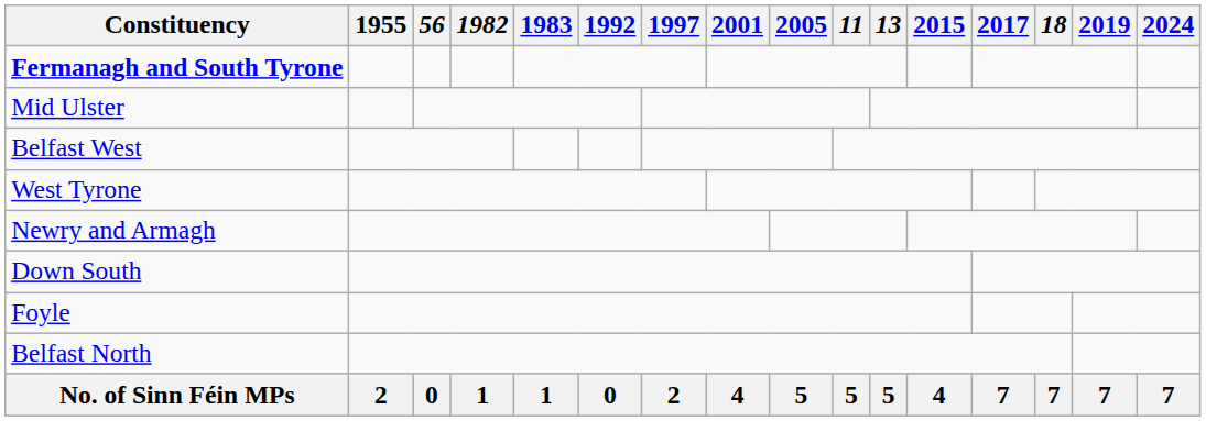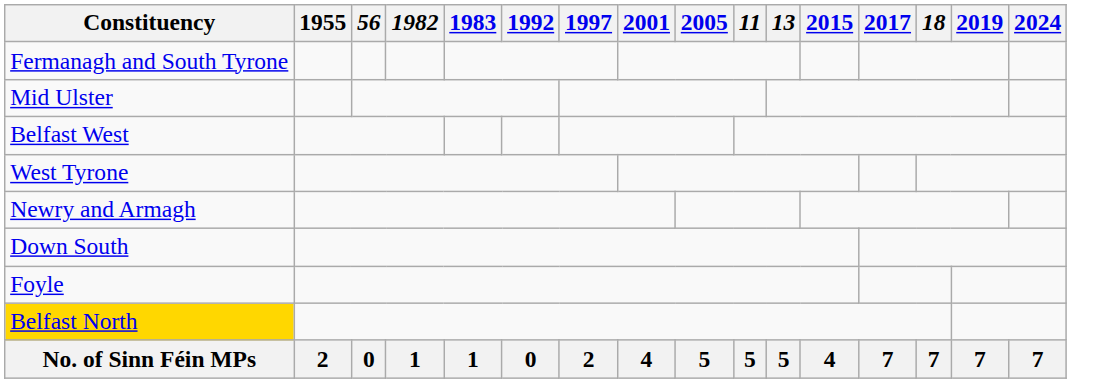 <table class="wikitable">
 <tr>
 <th>Constituency</th>
 <th>1955</th>
 <th><em>56</em></th>
 <th><em>1982</em></th>
 <th><a href='#'>1983</a></th>
 <th><a href='#'>1992</a></th>
 <th><a href='#'>1997</a></th>
 <th><a href='#'>2001</a></th>
 <th><a href='#'>2005</a></th>
 <th><em>11</em></th>
 <th><em>13</em></th>
 <th><a href='#'>2015</a></th>
 <th><a href='#'>2017</a></th>
 <th><em>18</em></th>
 <th><a href='#'>2019</a></th>
 <th><a href='#'>2024</a></th>
 </tr>
 <tr>
-<td><strong><a href='#'>Fermanagh and South Tyrone</a></strong></td>
+<td><a href='#'>Fermanagh and South Tyrone</a></td>
 <td><a href='#'></a></td>
 <td></td>
 <td><a href='#'></a></td>
 <td colspan="3"></td>
 <td colspan="4"><a href='#'></a></td>
 <td></td>
 <td colspan="3"><a href='#'></a></td>
 <td colspan="1"><a href='#'></a></td>
 </tr>
 <tr>
 <td><a href='#'>Mid Ulster</a></td>
 <td><a href='#'></a></td>
 <td colspan="4"></td>
 <td colspan="4"><a href='#'></a></td>
 <td colspan="5"><a href='#'></a></td>
 <td colspan="1"><a href='#'></a></td>
 </tr>
 <tr>
 <td><a href='#'>Belfast West</a></td>
 <td colspan="3"></td>
 <td><a href='#'></a></td>
 <td></td>
 <td colspan="3"><a href='#'></a></td>
 <td colspan="7"><a href='#'></a></td>
 </tr>
 <tr>
 <td><a href='#'>West Tyrone</a></td>
 <td colspan="6"></td>
 <td colspan="5"><a href='#'></a></td>
 <td><a href='#'></a></td>
 <td colspan="3"><a href='#'></a></td>
 </tr>
 <tr>
 <td><a href='#'>Newry and Armagh</a></td>
 <td colspan="7"></td>
 <td colspan="3"><a href='#'></a></td>
 <td colspan="4"><a href='#'></a></td>
 <td colspan="1"><a href='#'></a></td>
 </tr>
 <tr>
 <td><a href='#'>Down South</a></td>
 <td colspan="11"></td>
 <td colspan="4"><a href='#'></a></td>
 </tr>
 <tr>
 <td><a href='#'>Foyle</a></td>
 <td colspan="11"></td>
 <td colspan="2"><a href='#'></a></td>
 <td colspan="2"></td>
 </tr>
 <tr>
-<td><a href='#'>Belfast North</a></td>
+<td style="background: gold;"><a href='#'>Belfast North</a></td>
 <td colspan="13"></td>
 <td colspan="2"><a href='#'></a></td>
 </tr>
 <tr>
 <th>No. of Sinn Féin MPs</th>
 <th>2</th>
 <th>0</th>
 <th>1</th>
 <th>1</th>
 <th>0</th>
 <th>2</th>
 <th>4</th>
 <th>5</th>
 <th>5</th>
 <th>5</th>
 <th>4</th>
 <th>7</th>
 <th>7</th>
 <th>7</th>
 <th>7</th>
 </tr>
 </table>
